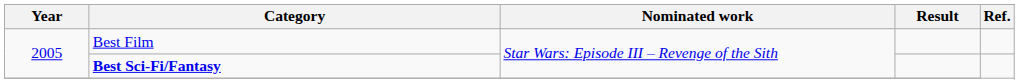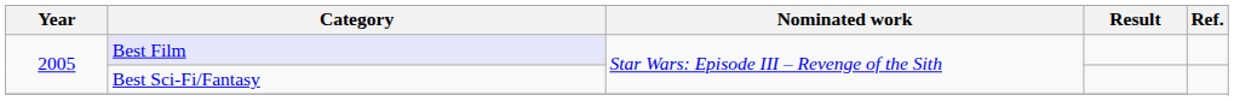 <table class=wikitable>
 <tr>
 <th scope="col" style="width:5em;">Year</th>
 <th scope="col" style="width:26em;">Category</th>
 <th scope="col" style="width:25em;">Nominated work</th>
 <th scope="col" style="width:5em;">Result</th>
 <th>Ref.</th>
 </tr>
 <tr>
 <td style="text-align:center;", rowspan="2"><a href='#'>2005</a></td>
-<td><a href='#'>Best Film</a></td>
+<td style="background: lavender;"><a href='#'>Best Film</a></td>
 <td rowspan=2><em><a href='#'>Star Wars: Episode III – Revenge of the Sith</a></em></td>
 <td></td>
 <td></td>
 </tr>
 <tr>
-<td><strong><a href='#'>Best Sci-Fi/Fantasy</a></strong></td>
+<td><a href='#'>Best Sci-Fi/Fantasy</a></td>
 <td></td>
 </tr>
 <tr>
 </tr>
 </table>
